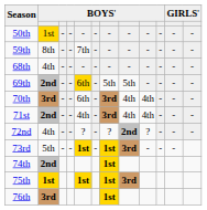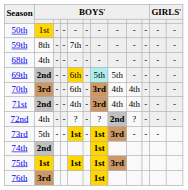 <table class="wikitable" style="text-align: center; font-size:90%; text-align:center">
 <tr bgcolor="#efefef">
 <td rowspan=2><strong>Season</strong></td>
 <td colspan=9 align=center><strong>BOYS</strong>'</td>
 <td colspan=3 align=center><strong>GIRLS</strong>'</td>
 </tr>
 <tr bgcolor="#efefef">
 <td></td>
 <td></td>
 <td></td>
 <td></td>
 <td></td>
 <td></td>
 <td></td>
 <td></td>
 <td></td>
 <td></td>
 <td></td>
 </tr>
 <tr>
 <td><a href='#'>50th</a></td>
 <td bgcolor="gold">1st</td>
 <td bgcolor="#efefef">-</td>
 <td bgcolor="#efefef">-</td>
 <td bgcolor="#efefef">-</td>
 <td bgcolor="#efefef">-</td>
 <td bgcolor="#efefef">-</td>
 <td bgcolor="#efefef">-</td>
 <td bgcolor="#efefef">-</td>
 <td bgcolor="#efefef">-</td>
 <td bgcolor="#efefef">-</td>
 <td bgcolor="#efefef">-</td>
 </tr>
 <tr>
 <td><a href='#'>59th</a></td>
 <td>8th</td>
 <td bgcolor="#efefef">-</td>
 <td bgcolor="#efefef">-</td>
 <td>7th</td>
 <td bgcolor="#efefef">-</td>
 <td bgcolor="#efefef">-</td>
 <td bgcolor="#efefef">-</td>
 <td bgcolor="#efefef">-</td>
 <td bgcolor="#efefef">-</td>
 <td bgcolor="#efefef">-</td>
 <td bgcolor="#efefef">-</td>
 </tr>
 <tr>
 <td><a href='#'>68th</a></td>
 <td>4th</td>
 <td bgcolor="#efefef">-</td>
 <td bgcolor="#efefef">-</td>
 <td bgcolor="#efefef">-</td>
 <td bgcolor="#efefef">-</td>
 <td bgcolor="#efefef">-</td>
 <td bgcolor="#efefef">-</td>
 <td bgcolor="#efefef">-</td>
 <td bgcolor="#efefef">-</td>
 <td bgcolor="#efefef">-</td>
 <td bgcolor="#efefef">-</td>
 </tr>
 <tr>
 <td><a href='#'>69th</a></td>
 <td bgcolor="silver"><strong>2nd</strong></td>
 <td bgcolor="#efefef">-</td>
 <td bgcolor="#efefef">-</td>
 <td style="background: gold;">6th</td>
 <td bgcolor="#efefef">-</td>
-<td>5th</td>
+<td style="background: paleturquoise;">5th</td>
 <td>5th</td>
 <td bgcolor="#efefef">-</td>
 <td bgcolor="#efefef">-</td>
 <td bgcolor="#efefef">-</td>
 <td bgcolor="#efefef">-</td>
 </tr>
 <tr>
 <td><a href='#'>70th</a></td>
 <td bgcolor="CC9966"><strong>3rd</strong></td>
 <td bgcolor="#efefef">-</td>
 <td bgcolor="#efefef">-</td>
 <td>6th</td>
 <td bgcolor="#efefef">-</td>
 <td bgcolor="CC9966"><strong>3rd</strong></td>
 <td>4th</td>
 <td>4th</td>
 <td bgcolor="#efefef">-</td>
 <td bgcolor="#efefef">-</td>
 <td bgcolor="#efefef">-</td>
 </tr>
 <tr>
 <td><a href='#'>71st</a></td>
 <td bgcolor="silver"><strong>2nd</strong></td>
 <td bgcolor="#efefef">-</td>
 <td bgcolor="#efefef">-</td>
 <td>4th</td>
 <td bgcolor="#efefef">-</td>
 <td bgcolor="CC9966"><strong>3rd</strong></td>
 <td>4th</td>
 <td>4th</td>
 <td bgcolor="#efefef">-</td>
 <td bgcolor="#efefef">-</td>
 <td bgcolor="#efefef">-</td>
 </tr>
 <tr>
 <td><a href='#'>72nd</a></td>
 <td>4th</td>
 <td bgcolor="#efefef">-</td>
 <td bgcolor="#efefef">-</td>
 <td>?</td>
 <td bgcolor="#efefef">-</td>
 <td>?</td>
 <td bgcolor="silver"><strong>2nd</strong></td>
 <td>?</td>
 <td bgcolor="#efefef">-</td>
 <td bgcolor="#efefef">-</td>
 <td bgcolor="#efefef">-</td>
 </tr>
 <tr>
 <td><a href='#'>73rd</a></td>
 <td>5th</td>
 <td>-</td>
 <td>-</td>
 <td bgcolor="gold"><strong>1st</strong></td>
 <td>-</td>
 <td bgcolor="gold"><strong>1st</strong></td>
 <td bgcolor="CC9966"><strong>3rd</strong></td>
 <td>-</td>
 <td>-</td>
 <td>-</td>
 <td></td>
 </tr>
 <tr>
 <td><a href='#'>74th</a></td>
 <td bgcolor="silver"><strong>2nd</strong></td>
 <td></td>
 <td></td>
 <td></td>
 <td></td>
 <td bgcolor="gold"><strong>1st</strong></td>
 <td></td>
 <td></td>
 <td></td>
 <td></td>
 <td></td>
 </tr>
 <tr>
 <td><a href='#'>75th</a></td>
 <td bgcolor="gold"><strong>1st</strong></td>
 <td></td>
 <td></td>
 <td bgcolor="gold"><strong>1st</strong></td>
 <td></td>
 <td bgcolor="gold"><strong>1st</strong></td>
 <td bgcolor="CC9966"><strong>3rd</strong></td>
 <td></td>
 <td></td>
 <td></td>
 <td></td>
 </tr>
 <tr>
 <td><a href='#'>76th</a></td>
 <td bgcolor="CC9966"><strong>3rd</strong></td>
 <td></td>
 <td></td>
 <td></td>
 <td></td>
 <td bgcolor="gold"><strong>1st</strong></td>
 <td></td>
 <td></td>
 <td></td>
 <td></td>
 <td></td>
 </tr>
 </table>
